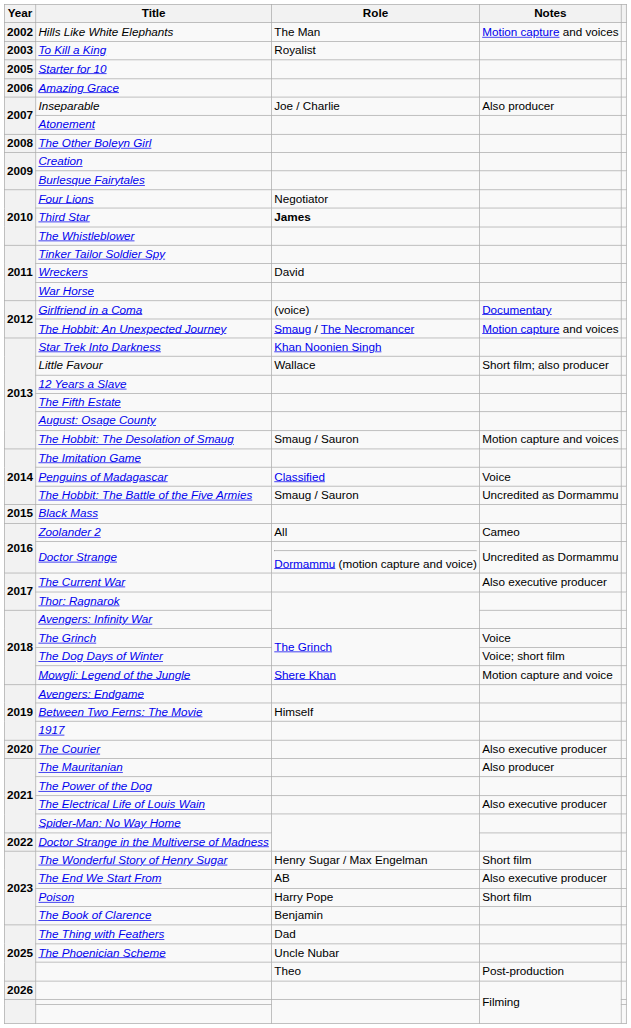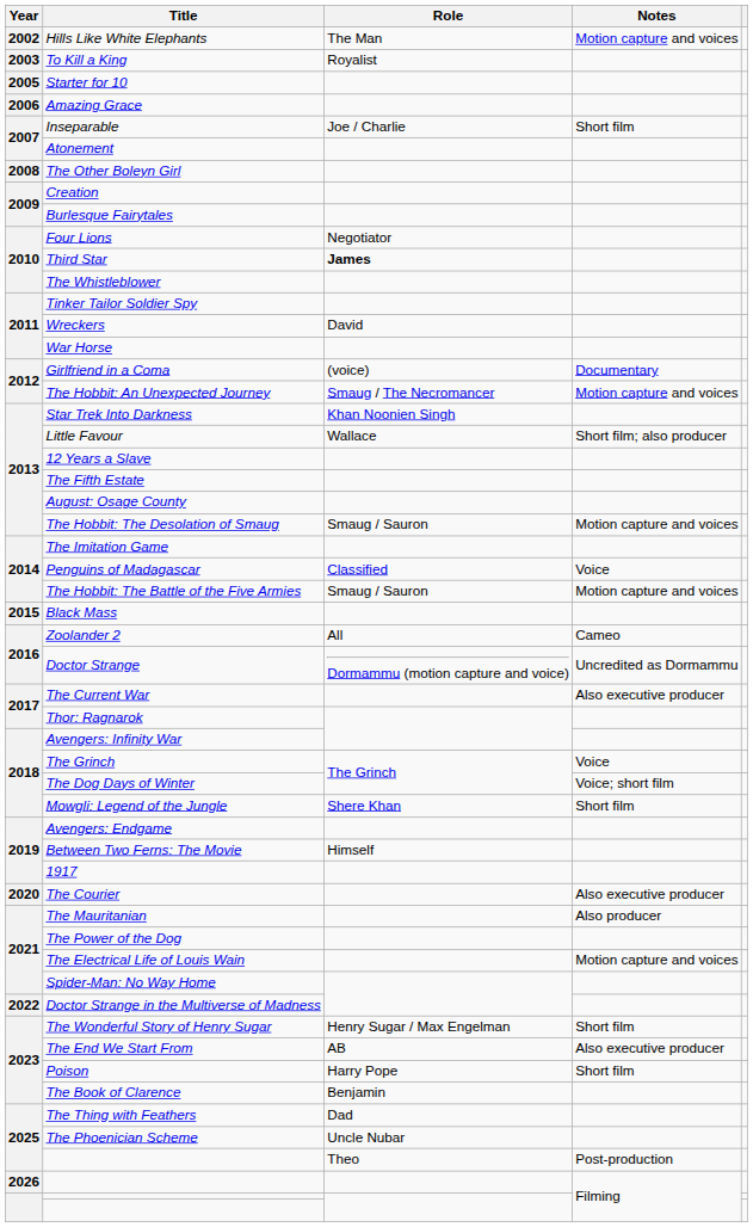 <table class="wikitable plainrowheaders sortable">
 <tr>
 <th scope="col">Year</th>
 <th scope="col">Title</th>
 <th scope="col">Role</th>
 <th scope="col" class="unsortable">Notes</th>
 <th scope="col" class="unsortable"></th>
 </tr>
 <tr>
 <th scope="row">2002</th>
 <td><em>Hills Like White Elephants</em></td>
 <td>The Man</td>
 <td><a href='#'>Motion capture</a> and voices</td>
 <td style="text-align: center;"></td>
 </tr>
 <tr>
 <th scope="row">2003</th>
 <td><em><a href='#'>To Kill a King</a></em></td>
 <td>Royalist</td>
 <td></td>
 <td style="text-align: center;"></td>
 </tr>
 <tr>
 <th scope="row">2005</th>
 <td><em><a href='#'>Starter for 10</a></em></td>
 <td></td>
 <td></td>
 <td style="text-align: center;"></td>
 </tr>
 <tr>
 <th scope="row">2006</th>
 <td><em><a href='#'>Amazing Grace</a></em></td>
 <td></td>
 <td></td>
 <td style="text-align: center;"></td>
 </tr>
 <tr>
 <th scope="row" rowspan="2">2007</th>
 <td><em>Inseparable</em></td>
 <td>Joe / Charlie</td>
-<td>Also producer</td>
+<td>Short film</td>
 <td style="text-align: center;"></td>
 </tr>
 <tr>
 <td><em><a href='#'>Atonement</a></em></td>
 <td></td>
 <td></td>
 <td style="text-align: center;"></td>
 </tr>
 <tr>
 <th scope="row">2008</th>
 <td><em><a href='#'>The Other Boleyn Girl</a></em></td>
 <td></td>
 <td></td>
 <td style="text-align: center;"></td>
 </tr>
 <tr>
 <th scope="row" rowspan="2">2009</th>
 <td><em><a href='#'>Creation</a></em></td>
 <td></td>
 <td></td>
 <td style="text-align: center;"></td>
 </tr>
 <tr>
 <td><em><a href='#'>Burlesque Fairytales</a></em></td>
 <td></td>
 <td></td>
 <td style="text-align: center;"></td>
 </tr>
 <tr>
 <th scope="row" rowspan="3">2010</th>
 <td><em><a href='#'>Four Lions</a></em></td>
 <td>Negotiator</td>
 <td></td>
 <td style="text-align: center;"></td>
 </tr>
 <tr>
 <td><em><a href='#'>Third Star</a></em></td>
 <td><strong>James</strong></td>
 <td></td>
 <td style="text-align: center;"></td>
 </tr>
 <tr>
 <td><em><a href='#'>The Whistleblower</a></em></td>
 <td></td>
 <td></td>
 <td style="text-align: center;"></td>
 </tr>
 <tr>
 <th scope="row" rowspan="3">2011</th>
 <td><em><a href='#'>Tinker Tailor Soldier Spy</a></em></td>
 <td></td>
 <td></td>
 <td style="text-align: center;"></td>
 </tr>
 <tr>
 <td><em><a href='#'>Wreckers</a></em></td>
 <td>David</td>
 <td></td>
 <td style="text-align: center;"></td>
 </tr>
 <tr>
 <td><em><a href='#'>War Horse</a></em></td>
 <td></td>
 <td></td>
 <td style="text-align: center;"></td>
 </tr>
 <tr>
 <th scope="row" rowspan="2">2012</th>
 <td><em><a href='#'>Girlfriend in a Coma</a></em></td>
 <td> (voice)</td>
 <td><a href='#'>Documentary</a></td>
 <td style="text-align: center;"></td>
 </tr>
 <tr>
 <td><em><a href='#'>The Hobbit: An Unexpected Journey</a></em></td>
 <td><a href='#'>Smaug</a> / <a href='#'>The Necromancer</a></td>
 <td><a href='#'>Motion capture</a> and voices</td>
 <td style="text-align: center;"></td>
 </tr>
 <tr>
 <th scope="row" rowspan="6">2013</th>
 <td><em><a href='#'>Star Trek Into Darkness</a></em></td>
 <td><a href='#'>Khan Noonien Singh</a></td>
 <td></td>
 <td style="text-align: center;"></td>
 </tr>
 <tr>
 <td><em>Little Favour</em></td>
 <td>Wallace</td>
 <td>Short film; also producer</td>
 <td style="text-align: center;"></td>
 </tr>
 <tr>
 <td><em><a href='#'>12 Years a Slave</a></em></td>
 <td></td>
 <td></td>
 <td style="text-align: center;"></td>
 </tr>
 <tr>
 <td><em><a href='#'>The Fifth Estate</a></em></td>
 <td></td>
 <td></td>
 <td style="text-align: center;"></td>
 </tr>
 <tr>
 <td><em><a href='#'>August: Osage County</a></em></td>
 <td></td>
 <td></td>
 <td style="text-align: center;"></td>
 </tr>
 <tr>
 <td><em><a href='#'>The Hobbit: The Desolation of Smaug</a></em></td>
 <td>Smaug / Sauron</td>
 <td>Motion capture and voices</td>
 <td style="text-align: center;"></td>
 </tr>
 <tr>
 <th scope="row" rowspan="3">2014</th>
 <td><em><a href='#'>The Imitation Game</a></em></td>
 <td></td>
 <td></td>
 <td style="text-align: center;"></td>
 </tr>
 <tr>
 <td><em><a href='#'>Penguins of Madagascar</a></em></td>
 <td><a href='#'>Classified</a></td>
 <td>Voice</td>
 <td style="text-align: center;"></td>
 </tr>
 <tr>
 <td><em><a href='#'>The Hobbit: The Battle of the Five Armies</a></em></td>
 <td>Smaug / Sauron</td>
-<td>Uncredited as Dormammu</td>
+<td>Motion capture and voices</td>
 <td style="text-align: center;"></td>
 </tr>
 <tr>
 <th scope="row">2015</th>
 <td><em><a href='#'>Black Mass</a></em></td>
 <td></td>
 <td></td>
 <td style="text-align: center;"></td>
 </tr>
 <tr>
 <th scope="row" rowspan="2">2016</th>
 <td><em><a href='#'>Zoolander 2</a></em></td>
 <td>All</td>
 <td>Cameo</td>
 <td style="text-align: center;"></td>
 </tr>
 <tr>
 <td><em><a href='#'>Doctor Strange</a></em></td>
 <td> <hr> <a href='#'>Dormammu</a> (motion capture and voice)</td>
 <td>Uncredited as Dormammu</td>
 <td style="text-align: center;"><br></td>
 </tr>
 <tr>
 <th scope="row" rowspan="2">2017</th>
 <td><em><a href='#'>The Current War</a></em></td>
 <td></td>
 <td>Also executive producer</td>
 <td style="text-align: center;"></td>
 </tr>
 <tr>
 <td><em><a href='#'>Thor: Ragnarok</a></em></td>
 <td rowspan="2"></td>
 <td></td>
 <td style="text-align: center;"></td>
 </tr>
 <tr>
 <th scope="row" rowspan="4">2018</th>
 <td><em><a href='#'>Avengers: Infinity War</a></em></td>
 <td></td>
 <td style="text-align: center;"></td>
 </tr>
 <tr>
 <td><em><a href='#'>The Grinch</a></em></td>
 <td rowspan="2"><a href='#'>The Grinch</a></td>
 <td>Voice</td>
 <td style="text-align: center;"></td>
 </tr>
 <tr>
 <td><em><a href='#'>The Dog Days of Winter</a></em></td>
 <td>Voice; short film</td>
 <td></td>
 </tr>
 <tr>
 <td><em><a href='#'>Mowgli: Legend of the Jungle</a></em></td>
 <td><a href='#'>Shere Khan</a></td>
-<td>Motion capture and voice</td>
+<td>Short film</td>
 <td style="text-align: center;"></td>
 </tr>
 <tr>
 <th scope="row" rowspan="3">2019</th>
 <td><em><a href='#'>Avengers: Endgame</a></em></td>
 <td></td>
 <td></td>
 <td style="text-align: center;"></td>
 </tr>
 <tr>
 <td><em><a href='#'>Between Two Ferns: The Movie</a></em></td>
 <td>Himself</td>
 <td></td>
 <td style="text-align: center;"></td>
 </tr>
 <tr>
 <td><em><a href='#'>1917</a></em></td>
 <td></td>
 <td></td>
 <td style="text-align: center;"></td>
 </tr>
 <tr>
 <th scope="row">2020</th>
 <td><em><a href='#'>The Courier</a></em></td>
 <td></td>
 <td>Also executive producer</td>
 <td style="text-align: center;"></td>
 </tr>
 <tr>
 <th scope="row" rowspan="4">2021</th>
 <td><em><a href='#'>The Mauritanian</a></em></td>
 <td></td>
 <td>Also producer</td>
 <td style="text-align:center;"></td>
 </tr>
 <tr>
 <td><em><a href='#'>The Power of the Dog</a></em></td>
 <td></td>
 <td></td>
 <td style="text-align: center;"></td>
 </tr>
 <tr>
 <td><em><a href='#'>The Electrical Life of Louis Wain</a></em></td>
 <td></td>
-<td>Also executive producer</td>
+<td>Motion capture and voices</td>
 <td style="text-align:center;"></td>
 </tr>
 <tr>
 <td><em><a href='#'>Spider-Man: No Way Home</a></em></td>
 <td rowspan="2"></td>
 <td></td>
 <td style="text-align: center;"></td>
 </tr>
 <tr>
 <th scope="row">2022</th>
 <td><em><a href='#'>Doctor Strange in the Multiverse of Madness</a></em></td>
 <td></td>
 <td style="text-align: center;"></td>
 </tr>
 <tr>
 <th scope="row" rowspan="4">2023</th>
 <td><em><a href='#'>The Wonderful Story of Henry Sugar</a></em></td>
 <td>Henry Sugar / Max Engelman</td>
 <td>Short film</td>
 <td style="text-align: center;"></td>
 </tr>
 <tr>
 <td><em><a href='#'>The End We Start From</a></em></td>
 <td>AB</td>
 <td>Also executive producer</td>
 <td style="text-align: center;"></td>
 </tr>
 <tr>
 <td><em><a href='#'>Poison</a></em></td>
 <td>Harry Pope</td>
 <td>Short film</td>
 <td style="text-align: center;"></td>
 </tr>
 <tr>
 <td><em><a href='#'>The Book of Clarence</a></em></td>
 <td>Benjamin</td>
 <td></td>
 <td style="text-align: center;"></td>
 </tr>
 <tr>
 <th scope="row" rowspan="3">2025</th>
 <td><em><a href='#'>The Thing with Feathers</a></em></td>
 <td>Dad</td>
 <td></td>
 <td style="text-align: center;"></td>
 </tr>
 <tr>
 <td><em><a href='#'>The Phoenician Scheme</a></em></td>
 <td>Uncle Nubar</td>
 <td></td>
 <td style="text-align: center;"></td>
 </tr>
 <tr>
 <td></td>
 <td>Theo</td>
 <td>Post-production</td>
 <td></td>
 </tr>
 <tr>
 <th scope="row">2026</th>
 <td></td>
 <td></td>
 <td rowspan="3">Filming</td>
 <td style="text-align: center;"></td>
 </tr>
 <tr>
 <th scope="row"  rowspan="2"></th>
 <td></td>
 <td rowspan="2"></td>
 <td style="text-align: center;"></td>
 </tr>
 <tr>
 <td></td>
 <td style="text-align: center;"><br> </td>
 </tr>
 </table>
